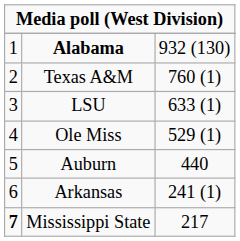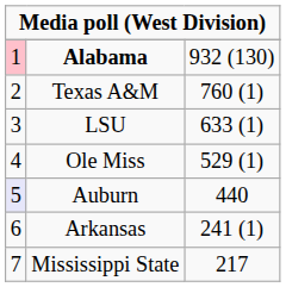 <table class="wikitable" style="display: inline-table;">
 <tr>
 <td align="center" Colspan="3"><strong>Media poll (West Division)</strong></td>
 </tr>
 <tr align="center">
 </tr>
 <tr align="center">
-<td>1</td>
+<td style="background: pink;">1</td>
 <td><strong>Alabama</strong></td>
 <td>932 (130)</td>
 </tr>
 <tr align="center">
 <td>2</td>
 <td>Texas A&M</td>
 <td>760 (1)</td>
 </tr>
 <tr align="center">
 <td>3</td>
 <td>LSU</td>
 <td>633 (1)</td>
 </tr>
 <tr align="center">
 <td>4</td>
 <td>Ole Miss</td>
 <td>529 (1)</td>
 </tr>
 <tr align="center">
-<td>5</td>
+<td style="background: lavender;">5</td>
 <td>Auburn</td>
 <td>440</td>
 </tr>
 <tr align="center">
 <td>6</td>
 <td>Arkansas</td>
 <td>241 (1)</td>
 </tr>
 <tr align="center">
-<td><strong>7</strong></td>
+<td>7</td>
 <td>Mississippi State</td>
 <td>217</td>
 </tr>
 </table>
